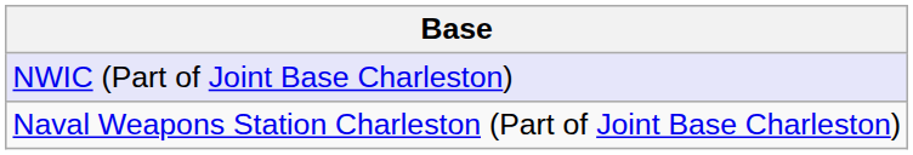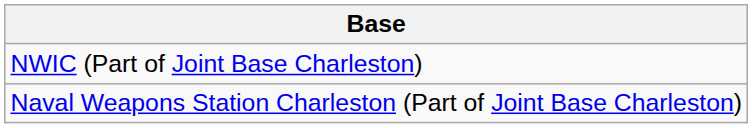 <table class="wikitable">
 <tr>
 <th>Base</th>
 </tr>
 <tr>
-<td style="background: lavender;"><a href='#'>NWIC</a> (Part of <a href='#'>Joint Base Charleston</a>)</td>
+<td><a href='#'>NWIC</a> (Part of <a href='#'>Joint Base Charleston</a>)</td>
 </tr>
 <tr>
 <td><a href='#'>Naval Weapons Station Charleston</a> (Part of <a href='#'>Joint Base Charleston</a>)</td>
 </tr>
 </table>
